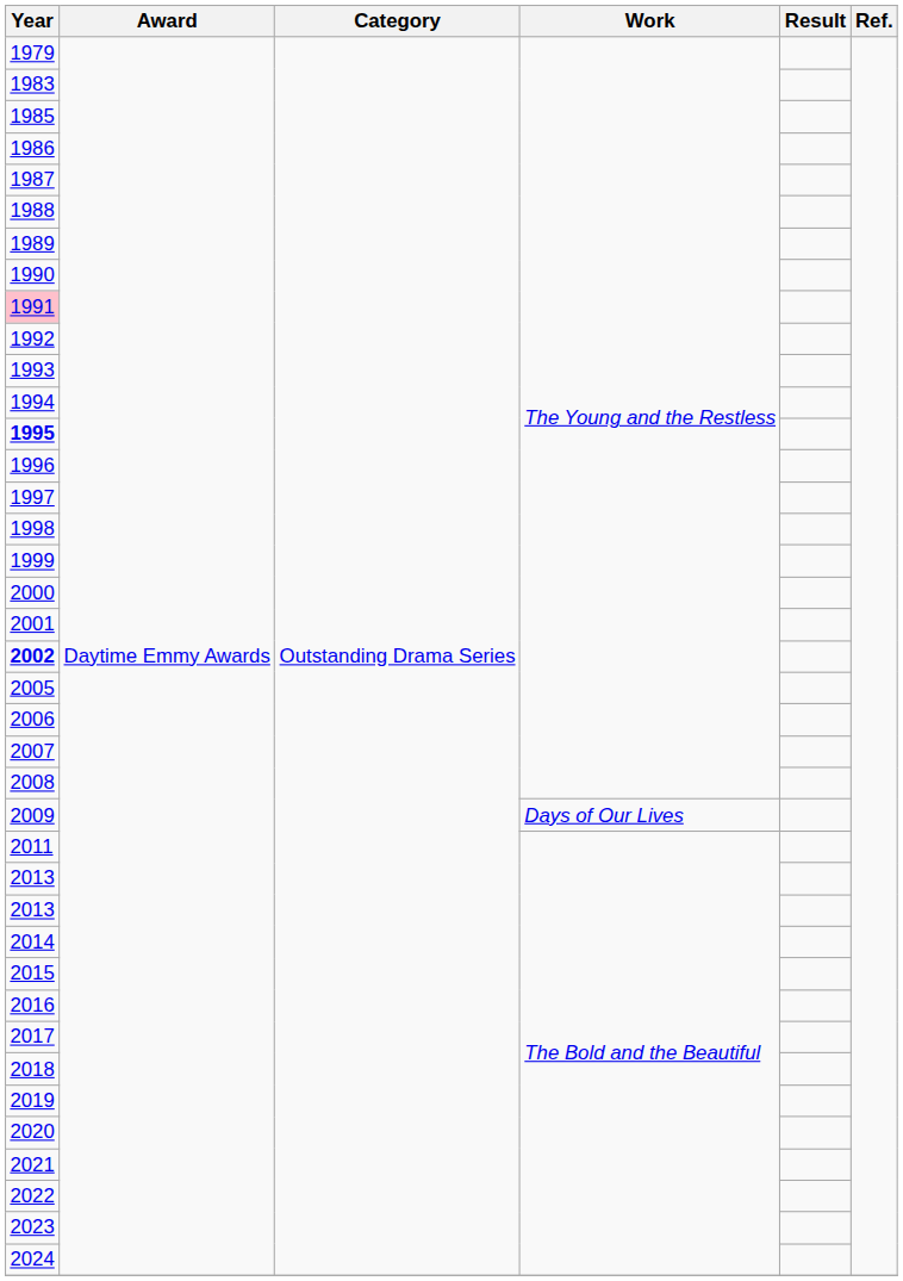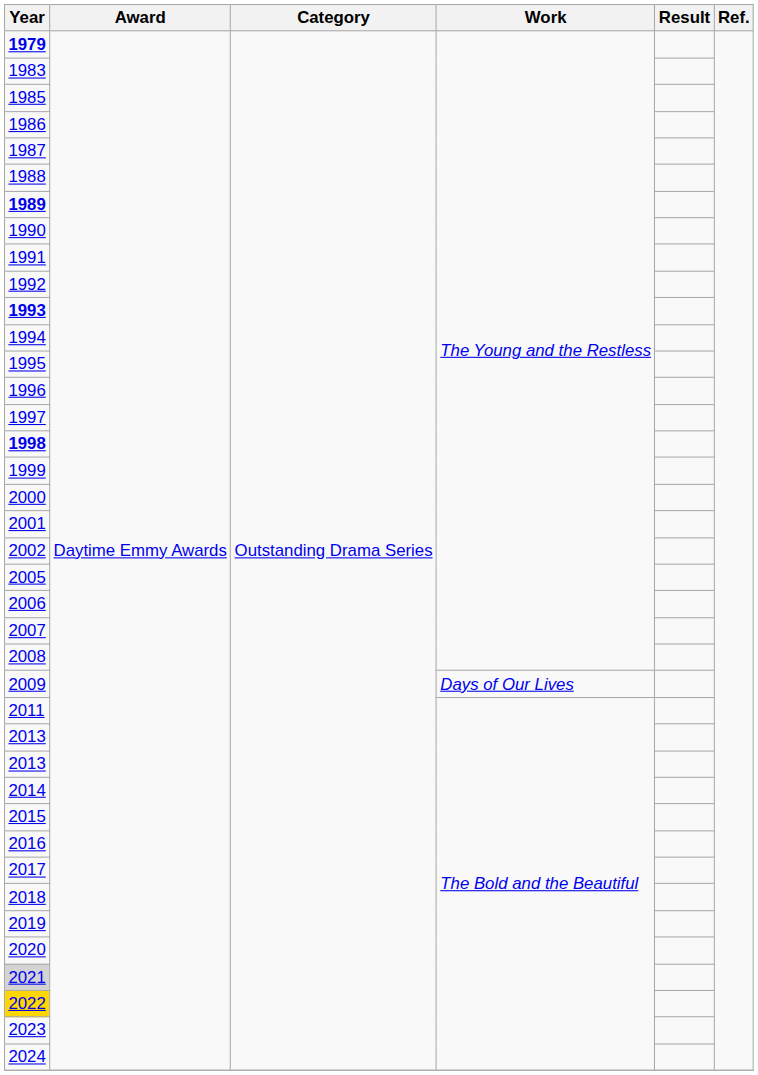 <table class="wikitable plainrowheaders">
 <tr>
 <th>Year</th>
 <th>Award</th>
 <th>Category</th>
 <th>Work</th>
 <th>Result</th>
 <th>Ref.</th>
 </tr>
 <tr>
-<td><a href='#'>1979</a></td>
+<td><strong><a href='#'>1979</a></strong></td>
 <td rowspan="39"><a href='#'>Daytime Emmy Awards</a></td>
 <td rowspan="39"><a href='#'>Outstanding Drama Series</a></td>
 <td rowspan="24"><em><a href='#'>The Young and the Restless</a></em></td>
 <td></td>
 <td align="center" rowspan="39"></td>
 </tr>
 <tr>
 <td><a href='#'>1983</a></td>
 <td></td>
 </tr>
 <tr>
 <td><a href='#'>1985</a></td>
 <td></td>
 </tr>
 <tr>
 <td><a href='#'>1986</a></td>
 <td></td>
 </tr>
 <tr>
 <td><a href='#'>1987</a></td>
 <td></td>
 </tr>
 <tr>
 <td><a href='#'>1988</a></td>
 <td></td>
 </tr>
 <tr>
-<td><a href='#'>1989</a></td>
+<td><strong><a href='#'>1989</a></strong></td>
 <td></td>
 </tr>
 <tr>
 <td><a href='#'>1990</a></td>
 <td></td>
 </tr>
 <tr>
-<td style="background: pink;"><a href='#'>1991</a></td>
+<td><a href='#'>1991</a></td>
 <td></td>
 </tr>
 <tr>
 <td><a href='#'>1992</a></td>
 <td></td>
 </tr>
 <tr>
-<td><a href='#'>1993</a></td>
+<td><strong><a href='#'>1993</a></strong></td>
 <td></td>
 </tr>
 <tr>
 <td><a href='#'>1994</a></td>
 <td></td>
 </tr>
 <tr>
-<td><strong><a href='#'>1995</a></strong></td>
+<td><a href='#'>1995</a></td>
 <td></td>
 </tr>
 <tr>
 <td><a href='#'>1996</a></td>
 <td></td>
 </tr>
 <tr>
 <td><a href='#'>1997</a></td>
 <td></td>
 </tr>
 <tr>
-<td><a href='#'>1998</a></td>
+<td><strong><a href='#'>1998</a></strong></td>
 <td></td>
 </tr>
 <tr>
 <td><a href='#'>1999</a></td>
 <td></td>
 </tr>
 <tr>
 <td><a href='#'>2000</a></td>
 <td></td>
 </tr>
 <tr>
 <td><a href='#'>2001</a></td>
 <td></td>
 </tr>
 <tr>
-<td><strong><a href='#'>2002</a></strong></td>
+<td><a href='#'>2002</a></td>
 <td></td>
 </tr>
 <tr>
 <td><a href='#'>2005</a></td>
 <td></td>
 </tr>
 <tr>
 <td><a href='#'>2006</a></td>
 <td></td>
 </tr>
 <tr>
 <td><a href='#'>2007</a></td>
 <td></td>
 </tr>
 <tr>
 <td><a href='#'>2008</a></td>
 <td></td>
 </tr>
 <tr>
 <td><a href='#'>2009</a></td>
 <td><em><a href='#'>Days of Our Lives</a></em></td>
 <td></td>
 </tr>
 <tr>
 <td><a href='#'>2011</a></td>
 <td rowspan="14"><em><a href='#'>The Bold and the Beautiful</a></em></td>
 <td></td>
 </tr>
 <tr>
 <td><a href='#'>2013</a></td>
 <td></td>
 </tr>
 <tr>
 <td><a href='#'>2013</a></td>
 <td></td>
 </tr>
 <tr>
 <td><a href='#'>2014</a></td>
 <td></td>
 </tr>
 <tr>
 <td><a href='#'>2015</a></td>
 <td></td>
 </tr>
 <tr>
 <td><a href='#'>2016</a></td>
 <td></td>
 </tr>
 <tr>
 <td><a href='#'>2017</a></td>
 <td></td>
 </tr>
 <tr>
 <td><a href='#'>2018</a></td>
 <td></td>
 </tr>
 <tr>
 <td><a href='#'>2019</a></td>
 <td></td>
 </tr>
 <tr>
 <td><a href='#'>2020</a></td>
 <td></td>
 </tr>
 <tr>
-<td><a href='#'>2021</a></td>
+<td style="background: lightgrey;"><a href='#'>2021</a></td>
 <td></td>
 </tr>
 <tr>
-<td><a href='#'>2022</a></td>
+<td style="background: gold;"><a href='#'>2022</a></td>
 <td></td>
 </tr>
 <tr>
 <td><a href='#'>2023</a></td>
 <td></td>
 </tr>
 <tr>
 <td><a href='#'>2024</a></td>
 <td></td>
 </tr>
 <tr>
 </tr>
 </table>
